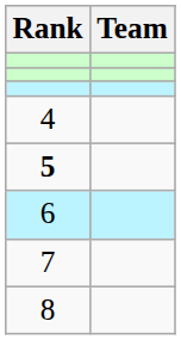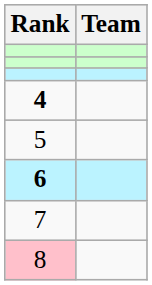 <table class=wikitable style="text-align:center;">
 <tr>
 <th>Rank</th>
 <th>Team</th>
 </tr>
 <tr bgcolor=ccffcc>
 <td></td>
 <td align=left></td>
 </tr>
 <tr bgcolor=ccffcc>
 <td></td>
 <td align=left></td>
 </tr>
 <tr bgcolor=BBF3FF>
 <td></td>
 <td align=left></td>
 </tr>
 <tr>
-<td>4</td>
+<td><strong>4</strong></td>
 <td align=left></td>
 </tr>
 <tr>
-<td><strong>5</strong></td>
+<td>5</td>
 <td align=left></td>
 </tr>
 <tr bgcolor=BBF3FF>
-<td>6</td>
+<td><strong>6</strong></td>
 <td align=left></td>
 </tr>
 <tr>
 <td>7</td>
 <td align=left></td>
 </tr>
 <tr>
-<td>8</td>
+<td style="background: pink;">8</td>
 <td align=left></td>
 </tr>
 </table>
